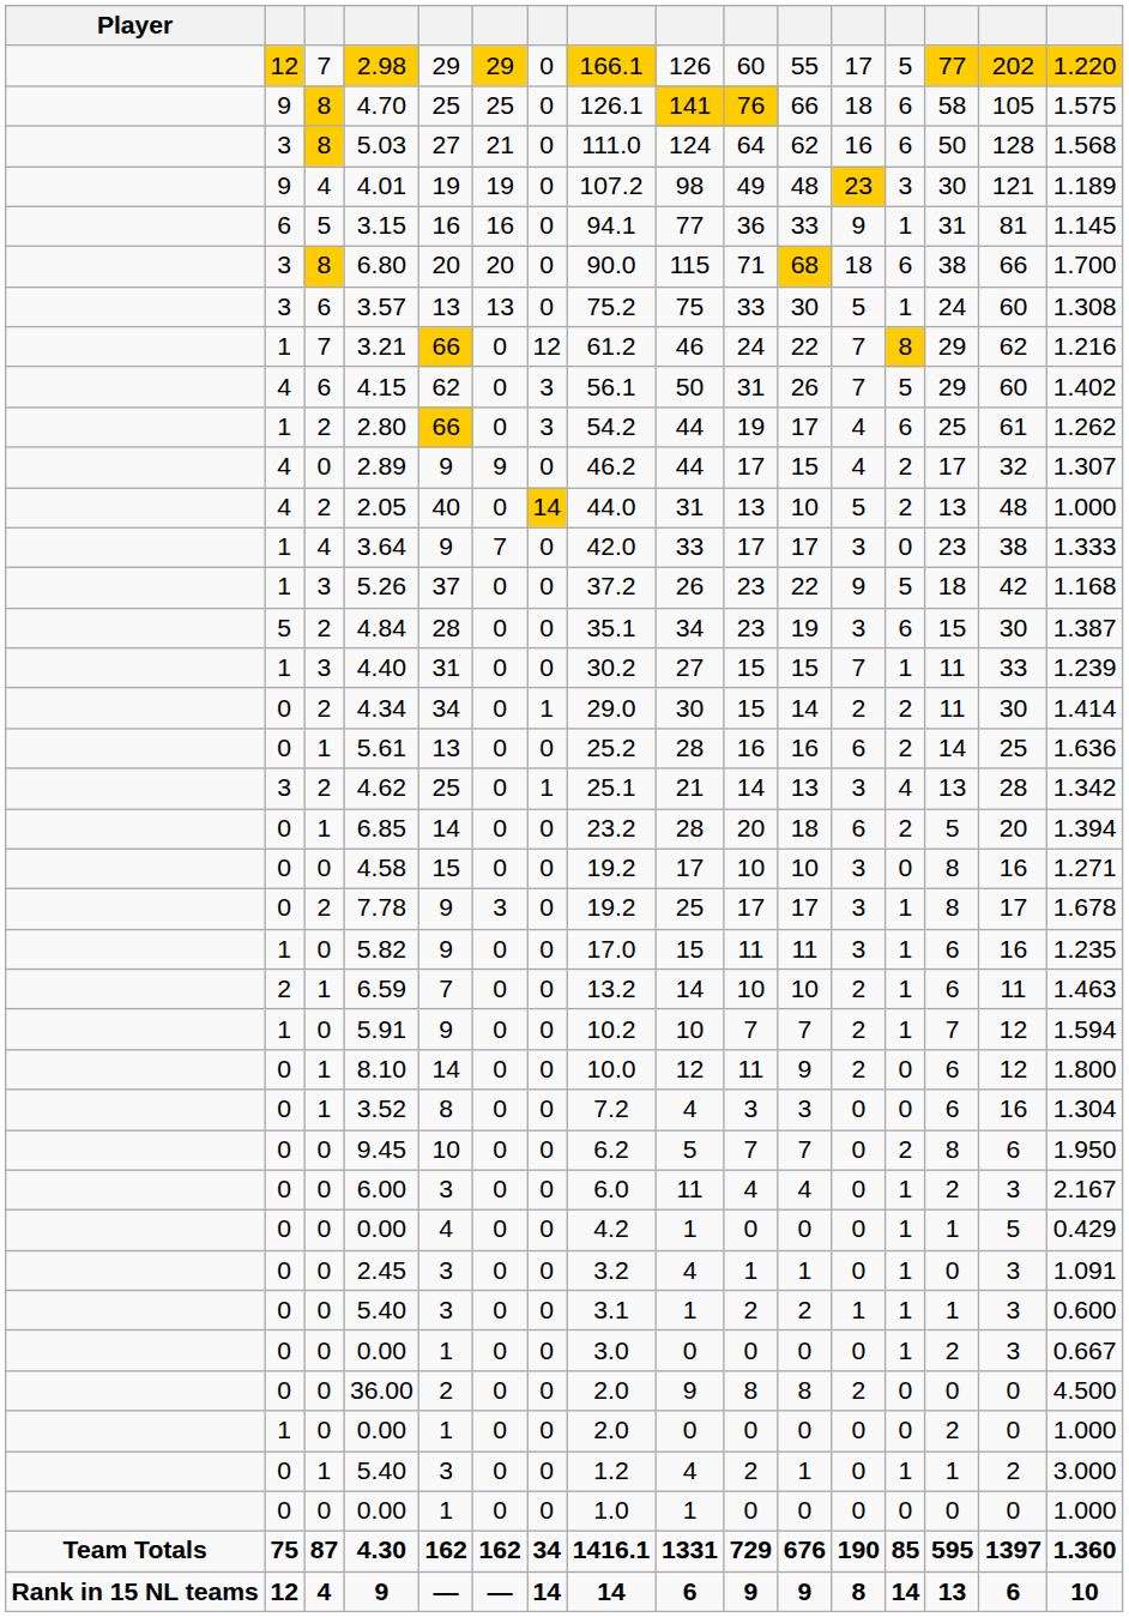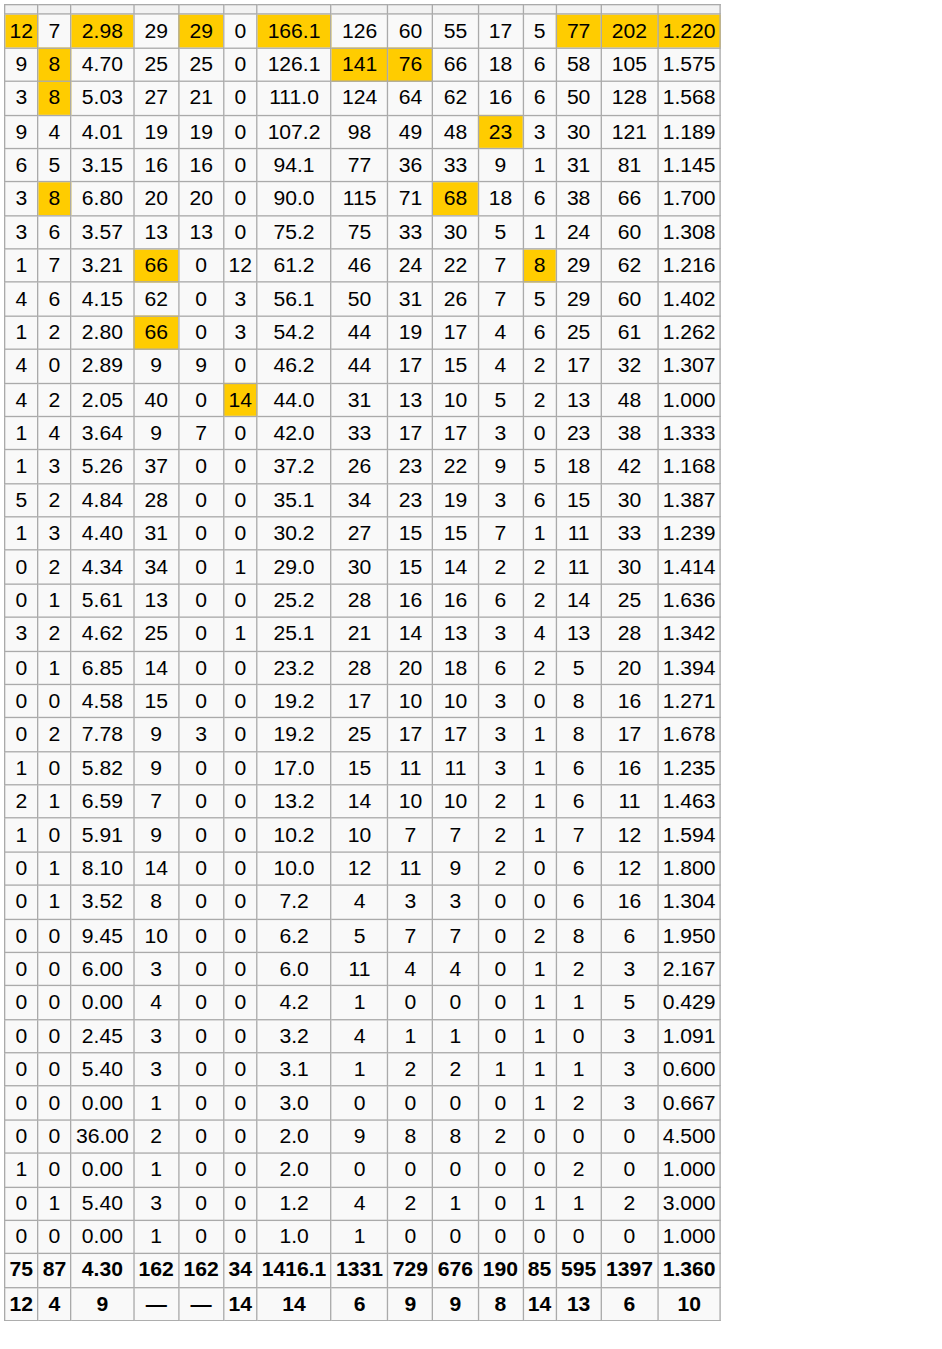 <table class="wikitable sortable">
 <tr>
-<th>Player</th>
 <th></th>
 <th></th>
 <th></th>
 <th></th>
 <th></th>
 <th></th>
 <th></th>
 <th></th>
 <th></th>
 <th></th>
 <th></th>
 <th></th>
 <th></th>
 <th></th>
 <th></th>
 </tr>
 <tr align=center>
-<td></td>
 <td bgcolor=#ffcc00>12</td>
 <td>7</td>
 <td bgcolor=#ffcc00>2.98</td>
 <td>29</td>
 <td bgcolor=#ffcc00>29</td>
 <td>0</td>
 <td bgcolor=#ffcc00>166.1</td>
 <td>126</td>
 <td>60</td>
 <td>55</td>
 <td>17</td>
 <td>5</td>
 <td bgcolor=#ffcc00>77</td>
 <td bgcolor=#ffcc00>202</td>
 <td bgcolor=#ffcc00>1.220</td>
 </tr>
 <tr align=center>
-<td></td>
 <td>9</td>
 <td bgcolor=#ffcc00>8</td>
 <td>4.70</td>
 <td>25</td>
 <td>25</td>
 <td>0</td>
 <td>126.1</td>
 <td bgcolor=#ffcc00>141</td>
 <td bgcolor=#ffcc00>76</td>
 <td>66</td>
 <td>18</td>
 <td>6</td>
 <td>58</td>
 <td>105</td>
 <td>1.575</td>
 </tr>
 <tr align=center>
-<td></td>
 <td>3</td>
 <td bgcolor=#ffcc00>8</td>
 <td>5.03</td>
 <td>27</td>
 <td>21</td>
 <td>0</td>
 <td>111.0</td>
 <td>124</td>
 <td>64</td>
 <td>62</td>
 <td>16</td>
 <td>6</td>
 <td>50</td>
 <td>128</td>
 <td>1.568</td>
 </tr>
 <tr align=center>
-<td></td>
 <td>9</td>
 <td>4</td>
 <td>4.01</td>
 <td>19</td>
 <td>19</td>
 <td>0</td>
 <td>107.2</td>
 <td>98</td>
 <td>49</td>
 <td>48</td>
 <td bgcolor=#ffcc00>23</td>
 <td>3</td>
 <td>30</td>
 <td>121</td>
 <td>1.189</td>
 </tr>
 <tr align=center>
-<td></td>
 <td>6</td>
 <td>5</td>
 <td>3.15</td>
 <td>16</td>
 <td>16</td>
 <td>0</td>
 <td>94.1</td>
 <td>77</td>
 <td>36</td>
 <td>33</td>
 <td>9</td>
 <td>1</td>
 <td>31</td>
 <td>81</td>
 <td>1.145</td>
 </tr>
 <tr align=center>
-<td></td>
 <td>3</td>
 <td bgcolor=#ffcc00>8</td>
 <td>6.80</td>
 <td>20</td>
 <td>20</td>
 <td>0</td>
 <td>90.0</td>
 <td>115</td>
 <td>71</td>
 <td bgcolor=#ffcc00>68</td>
 <td>18</td>
 <td>6</td>
 <td>38</td>
 <td>66</td>
 <td>1.700</td>
 </tr>
 <tr align=center>
-<td></td>
 <td>3</td>
 <td>6</td>
 <td>3.57</td>
 <td>13</td>
 <td>13</td>
 <td>0</td>
 <td>75.2</td>
 <td>75</td>
 <td>33</td>
 <td>30</td>
 <td>5</td>
 <td>1</td>
 <td>24</td>
 <td>60</td>
 <td>1.308</td>
 </tr>
 <tr align=center>
-<td></td>
 <td>1</td>
 <td>7</td>
 <td>3.21</td>
 <td bgcolor=#ffcc00>66</td>
 <td>0</td>
 <td>12</td>
 <td>61.2</td>
 <td>46</td>
 <td>24</td>
 <td>22</td>
 <td>7</td>
 <td bgcolor=#ffcc00>8</td>
 <td>29</td>
 <td>62</td>
 <td>1.216</td>
 </tr>
 <tr align=center>
-<td></td>
 <td>4</td>
 <td>6</td>
 <td>4.15</td>
 <td>62</td>
 <td>0</td>
 <td>3</td>
 <td>56.1</td>
 <td>50</td>
 <td>31</td>
 <td>26</td>
 <td>7</td>
 <td>5</td>
 <td>29</td>
 <td>60</td>
 <td>1.402</td>
 </tr>
 <tr align=center>
-<td></td>
 <td>1</td>
 <td>2</td>
 <td>2.80</td>
 <td bgcolor=#ffcc00>66</td>
 <td>0</td>
 <td>3</td>
 <td>54.2</td>
 <td>44</td>
 <td>19</td>
 <td>17</td>
 <td>4</td>
 <td>6</td>
 <td>25</td>
 <td>61</td>
 <td>1.262</td>
 </tr>
 <tr align=center>
-<td></td>
 <td>4</td>
 <td>0</td>
 <td>2.89</td>
 <td>9</td>
 <td>9</td>
 <td>0</td>
 <td>46.2</td>
 <td>44</td>
 <td>17</td>
 <td>15</td>
 <td>4</td>
 <td>2</td>
 <td>17</td>
 <td>32</td>
 <td>1.307</td>
 </tr>
 <tr align=center>
-<td></td>
 <td>4</td>
 <td>2</td>
 <td>2.05</td>
 <td>40</td>
 <td>0</td>
 <td bgcolor=#ffcc00>14</td>
 <td>44.0</td>
 <td>31</td>
 <td>13</td>
 <td>10</td>
 <td>5</td>
 <td>2</td>
 <td>13</td>
 <td>48</td>
 <td>1.000</td>
 </tr>
 <tr align=center>
-<td></td>
 <td>1</td>
 <td>4</td>
 <td>3.64</td>
 <td>9</td>
 <td>7</td>
 <td>0</td>
 <td>42.0</td>
 <td>33</td>
 <td>17</td>
 <td>17</td>
 <td>3</td>
 <td>0</td>
 <td>23</td>
 <td>38</td>
 <td>1.333</td>
 </tr>
 <tr align=center>
-<td></td>
 <td>1</td>
 <td>3</td>
 <td>5.26</td>
 <td>37</td>
 <td>0</td>
 <td>0</td>
 <td>37.2</td>
 <td>26</td>
 <td>23</td>
 <td>22</td>
 <td>9</td>
 <td>5</td>
 <td>18</td>
 <td>42</td>
 <td>1.168</td>
 </tr>
 <tr align=center>
-<td></td>
 <td>5</td>
 <td>2</td>
 <td>4.84</td>
 <td>28</td>
 <td>0</td>
 <td>0</td>
 <td>35.1</td>
 <td>34</td>
 <td>23</td>
 <td>19</td>
 <td>3</td>
 <td>6</td>
 <td>15</td>
 <td>30</td>
 <td>1.387</td>
 </tr>
 <tr align=center>
-<td></td>
 <td>1</td>
 <td>3</td>
 <td>4.40</td>
 <td>31</td>
 <td>0</td>
 <td>0</td>
 <td>30.2</td>
 <td>27</td>
 <td>15</td>
 <td>15</td>
 <td>7</td>
 <td>1</td>
 <td>11</td>
 <td>33</td>
 <td>1.239</td>
 </tr>
 <tr align=center>
-<td></td>
 <td>0</td>
 <td>2</td>
 <td>4.34</td>
 <td>34</td>
 <td>0</td>
 <td>1</td>
 <td>29.0</td>
 <td>30</td>
 <td>15</td>
 <td>14</td>
 <td>2</td>
 <td>2</td>
 <td>11</td>
 <td>30</td>
 <td>1.414</td>
 </tr>
 <tr align=center>
-<td></td>
 <td>0</td>
 <td>1</td>
 <td>5.61</td>
 <td>13</td>
 <td>0</td>
 <td>0</td>
 <td>25.2</td>
 <td>28</td>
 <td>16</td>
 <td>16</td>
 <td>6</td>
 <td>2</td>
 <td>14</td>
 <td>25</td>
 <td>1.636</td>
 </tr>
 <tr align=center>
-<td></td>
 <td>3</td>
 <td>2</td>
 <td>4.62</td>
 <td>25</td>
 <td>0</td>
 <td>1</td>
 <td>25.1</td>
 <td>21</td>
 <td>14</td>
 <td>13</td>
 <td>3</td>
 <td>4</td>
 <td>13</td>
 <td>28</td>
 <td>1.342</td>
 </tr>
 <tr align=center>
-<td></td>
 <td>0</td>
 <td>1</td>
 <td>6.85</td>
 <td>14</td>
 <td>0</td>
 <td>0</td>
 <td>23.2</td>
 <td>28</td>
 <td>20</td>
 <td>18</td>
 <td>6</td>
 <td>2</td>
 <td>5</td>
 <td>20</td>
 <td>1.394</td>
 </tr>
 <tr align=center>
-<td></td>
 <td>0</td>
 <td>0</td>
 <td>4.58</td>
 <td>15</td>
 <td>0</td>
 <td>0</td>
 <td>19.2</td>
 <td>17</td>
 <td>10</td>
 <td>10</td>
 <td>3</td>
 <td>0</td>
 <td>8</td>
 <td>16</td>
 <td>1.271</td>
 </tr>
 <tr align=center>
-<td></td>
 <td>0</td>
 <td>2</td>
 <td>7.78</td>
 <td>9</td>
 <td>3</td>
 <td>0</td>
 <td>19.2</td>
 <td>25</td>
 <td>17</td>
 <td>17</td>
 <td>3</td>
 <td>1</td>
 <td>8</td>
 <td>17</td>
 <td>1.678</td>
 </tr>
 <tr align=center>
-<td></td>
 <td>1</td>
 <td>0</td>
 <td>5.82</td>
 <td>9</td>
 <td>0</td>
 <td>0</td>
 <td>17.0</td>
 <td>15</td>
 <td>11</td>
 <td>11</td>
 <td>3</td>
 <td>1</td>
 <td>6</td>
 <td>16</td>
 <td>1.235</td>
 </tr>
 <tr align=center>
-<td></td>
 <td>2</td>
 <td>1</td>
 <td>6.59</td>
 <td>7</td>
 <td>0</td>
 <td>0</td>
 <td>13.2</td>
 <td>14</td>
 <td>10</td>
 <td>10</td>
 <td>2</td>
 <td>1</td>
 <td>6</td>
 <td>11</td>
 <td>1.463</td>
 </tr>
 <tr align=center>
-<td></td>
 <td>1</td>
 <td>0</td>
 <td>5.91</td>
 <td>9</td>
 <td>0</td>
 <td>0</td>
 <td>10.2</td>
 <td>10</td>
 <td>7</td>
 <td>7</td>
 <td>2</td>
 <td>1</td>
 <td>7</td>
 <td>12</td>
 <td>1.594</td>
 </tr>
 <tr align=center>
-<td></td>
 <td>0</td>
 <td>1</td>
 <td>8.10</td>
 <td>14</td>
 <td>0</td>
 <td>0</td>
 <td>10.0</td>
 <td>12</td>
 <td>11</td>
 <td>9</td>
 <td>2</td>
 <td>0</td>
 <td>6</td>
 <td>12</td>
 <td>1.800</td>
 </tr>
 <tr align=center>
-<td></td>
 <td>0</td>
 <td>1</td>
 <td>3.52</td>
 <td>8</td>
 <td>0</td>
 <td>0</td>
 <td>7.2</td>
 <td>4</td>
 <td>3</td>
 <td>3</td>
 <td>0</td>
 <td>0</td>
 <td>6</td>
 <td>16</td>
 <td>1.304</td>
 </tr>
 <tr align=center>
-<td></td>
 <td>0</td>
 <td>0</td>
 <td>9.45</td>
 <td>10</td>
 <td>0</td>
 <td>0</td>
 <td>6.2</td>
 <td>5</td>
 <td>7</td>
 <td>7</td>
 <td>0</td>
 <td>2</td>
 <td>8</td>
 <td>6</td>
 <td>1.950</td>
 </tr>
 <tr align=center>
-<td></td>
 <td>0</td>
 <td>0</td>
 <td>6.00</td>
 <td>3</td>
 <td>0</td>
 <td>0</td>
 <td>6.0</td>
 <td>11</td>
 <td>4</td>
 <td>4</td>
 <td>0</td>
 <td>1</td>
 <td>2</td>
 <td>3</td>
 <td>2.167</td>
 </tr>
 <tr align=center>
-<td></td>
 <td>0</td>
 <td>0</td>
 <td>0.00</td>
 <td>4</td>
 <td>0</td>
 <td>0</td>
 <td>4.2</td>
 <td>1</td>
 <td>0</td>
 <td>0</td>
 <td>0</td>
 <td>1</td>
 <td>1</td>
 <td>5</td>
 <td>0.429</td>
 </tr>
 <tr align=center>
-<td></td>
 <td>0</td>
 <td>0</td>
 <td>2.45</td>
 <td>3</td>
 <td>0</td>
 <td>0</td>
 <td>3.2</td>
 <td>4</td>
 <td>1</td>
 <td>1</td>
 <td>0</td>
 <td>1</td>
 <td>0</td>
 <td>3</td>
 <td>1.091</td>
 </tr>
 <tr align=center>
-<td></td>
 <td>0</td>
 <td>0</td>
 <td>5.40</td>
 <td>3</td>
 <td>0</td>
 <td>0</td>
 <td>3.1</td>
 <td>1</td>
 <td>2</td>
 <td>2</td>
 <td>1</td>
 <td>1</td>
 <td>1</td>
 <td>3</td>
 <td>0.600</td>
 </tr>
 <tr align=center>
-<td></td>
 <td>0</td>
 <td>0</td>
 <td>0.00</td>
 <td>1</td>
 <td>0</td>
 <td>0</td>
 <td>3.0</td>
 <td>0</td>
 <td>0</td>
 <td>0</td>
 <td>0</td>
 <td>1</td>
 <td>2</td>
 <td>3</td>
 <td>0.667</td>
 </tr>
 <tr align=center>
-<td></td>
 <td>0</td>
 <td>0</td>
 <td>36.00</td>
 <td>2</td>
 <td>0</td>
 <td>0</td>
 <td>2.0</td>
 <td>9</td>
 <td>8</td>
 <td>8</td>
 <td>2</td>
 <td>0</td>
 <td>0</td>
 <td>0</td>
 <td>4.500</td>
 </tr>
 <tr align=center>
-<td></td>
 <td>1</td>
 <td>0</td>
 <td>0.00</td>
 <td>1</td>
 <td>0</td>
 <td>0</td>
 <td>2.0</td>
 <td>0</td>
 <td>0</td>
 <td>0</td>
 <td>0</td>
 <td>0</td>
 <td>2</td>
 <td>0</td>
 <td>1.000</td>
 </tr>
 <tr align=center>
-<td></td>
 <td>0</td>
 <td>1</td>
 <td>5.40</td>
 <td>3</td>
 <td>0</td>
 <td>0</td>
 <td>1.2</td>
 <td>4</td>
 <td>2</td>
 <td>1</td>
 <td>0</td>
 <td>1</td>
 <td>1</td>
 <td>2</td>
 <td>3.000</td>
 </tr>
 <tr align=center>
-<td></td>
 <td>0</td>
 <td>0</td>
 <td>0.00</td>
 <td>1</td>
 <td>0</td>
 <td>0</td>
 <td>1.0</td>
 <td>1</td>
 <td>0</td>
 <td>0</td>
 <td>0</td>
 <td>0</td>
 <td>0</td>
 <td>0</td>
 <td>1.000</td>
 </tr>
 <tr align=center>
-<td><strong>Team Totals</strong></td>
 <td><strong>75</strong></td>
 <td><strong>87</strong></td>
 <td><strong>4.30</strong></td>
 <td><strong>162</strong></td>
 <td><strong>162</strong></td>
 <td><strong>34</strong></td>
 <td><strong>1416.1</strong></td>
 <td><strong>1331</strong></td>
 <td><strong>729</strong></td>
 <td><strong>676</strong></td>
 <td><strong>190</strong></td>
 <td><strong>85</strong></td>
 <td><strong>595</strong></td>
 <td><strong>1397</strong></td>
 <td><strong>1.360</strong></td>
 </tr>
 <tr align=center>
-<td><strong>Rank in 15 NL teams</strong></td>
 <td><strong>12</strong></td>
 <td><strong>4</strong></td>
 <td><strong>9</strong></td>
 <td><strong>—</strong></td>
 <td><strong>—</strong></td>
 <td><strong>14</strong></td>
 <td><strong>14</strong></td>
 <td><strong>6</strong></td>
 <td><strong>9</strong></td>
 <td><strong>9</strong></td>
 <td><strong>8</strong></td>
 <td><strong>14</strong></td>
 <td><strong>13</strong></td>
 <td><strong>6</strong></td>
 <td><strong>10</strong></td>
 </tr>
 </table>
